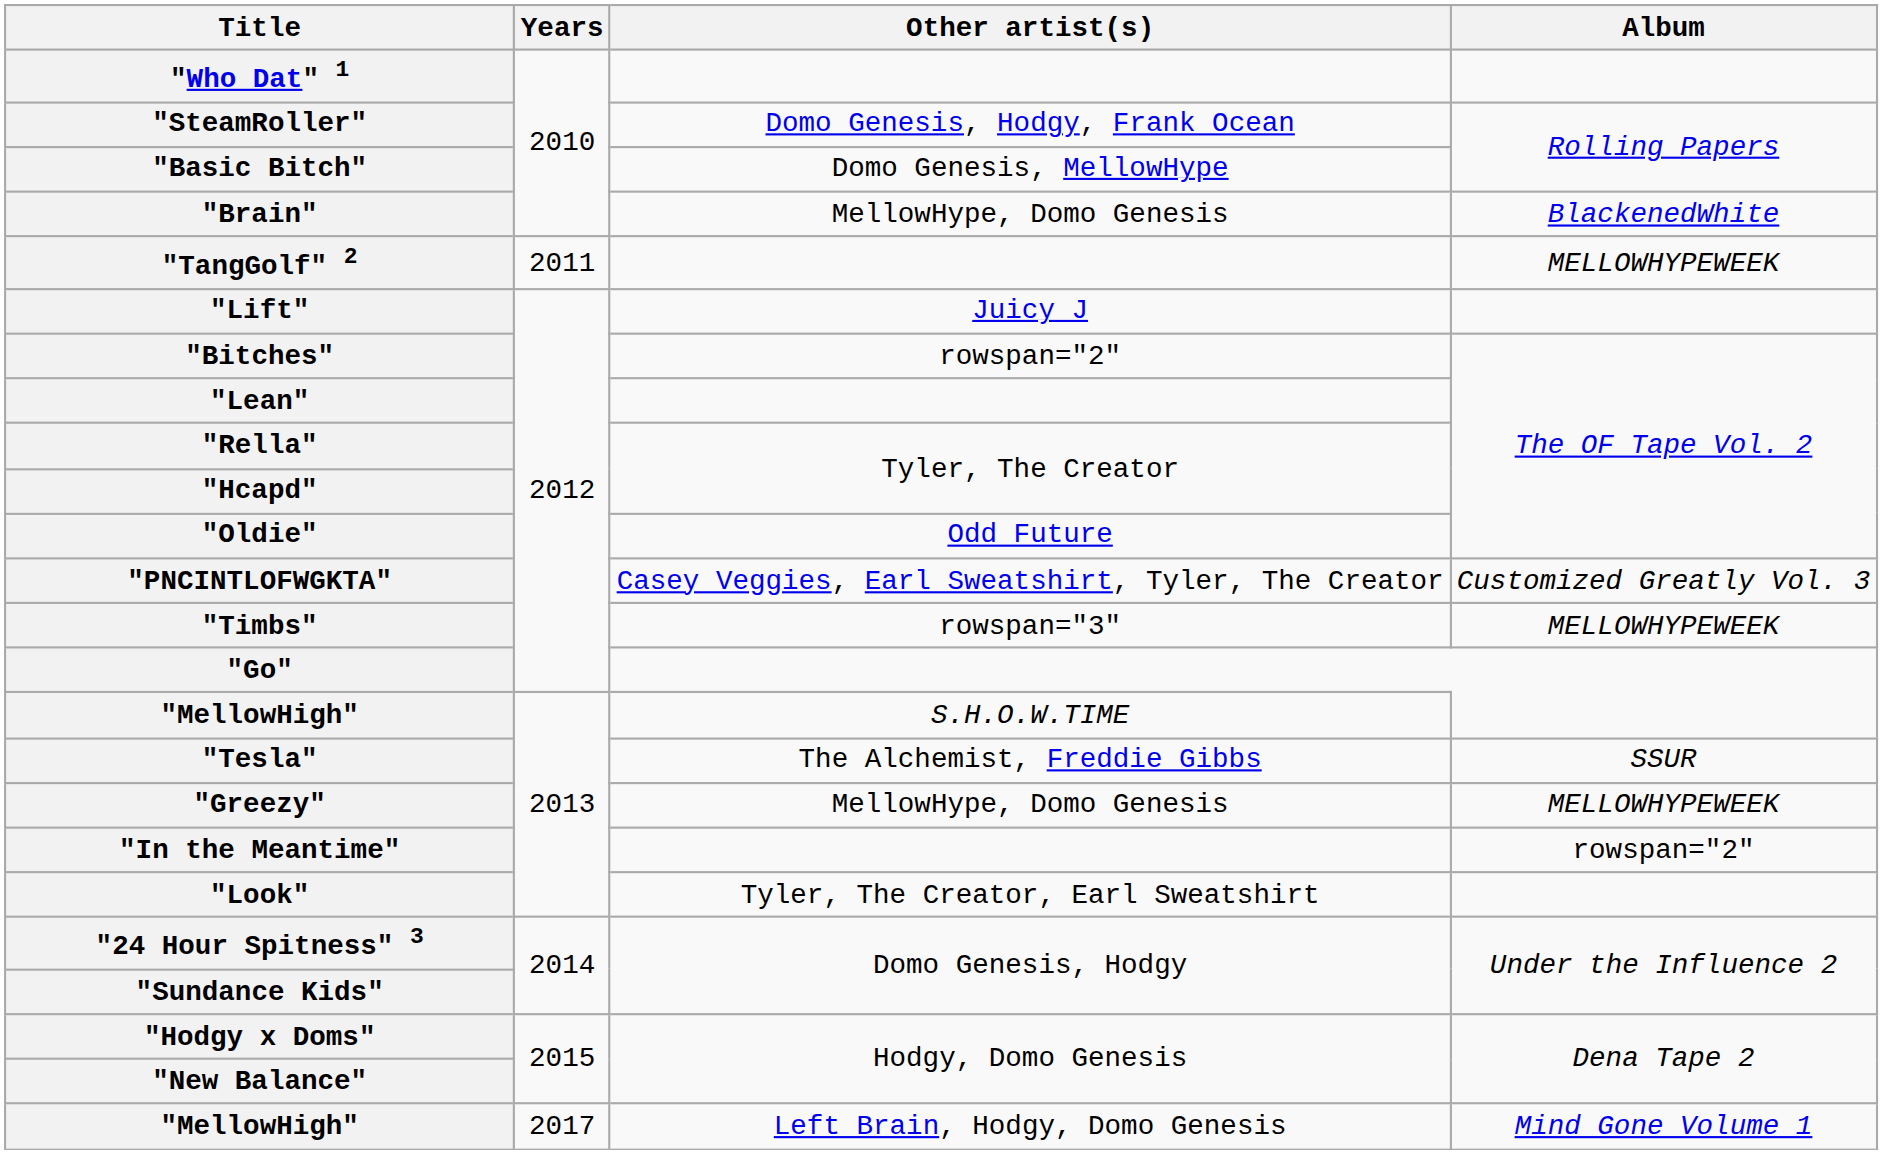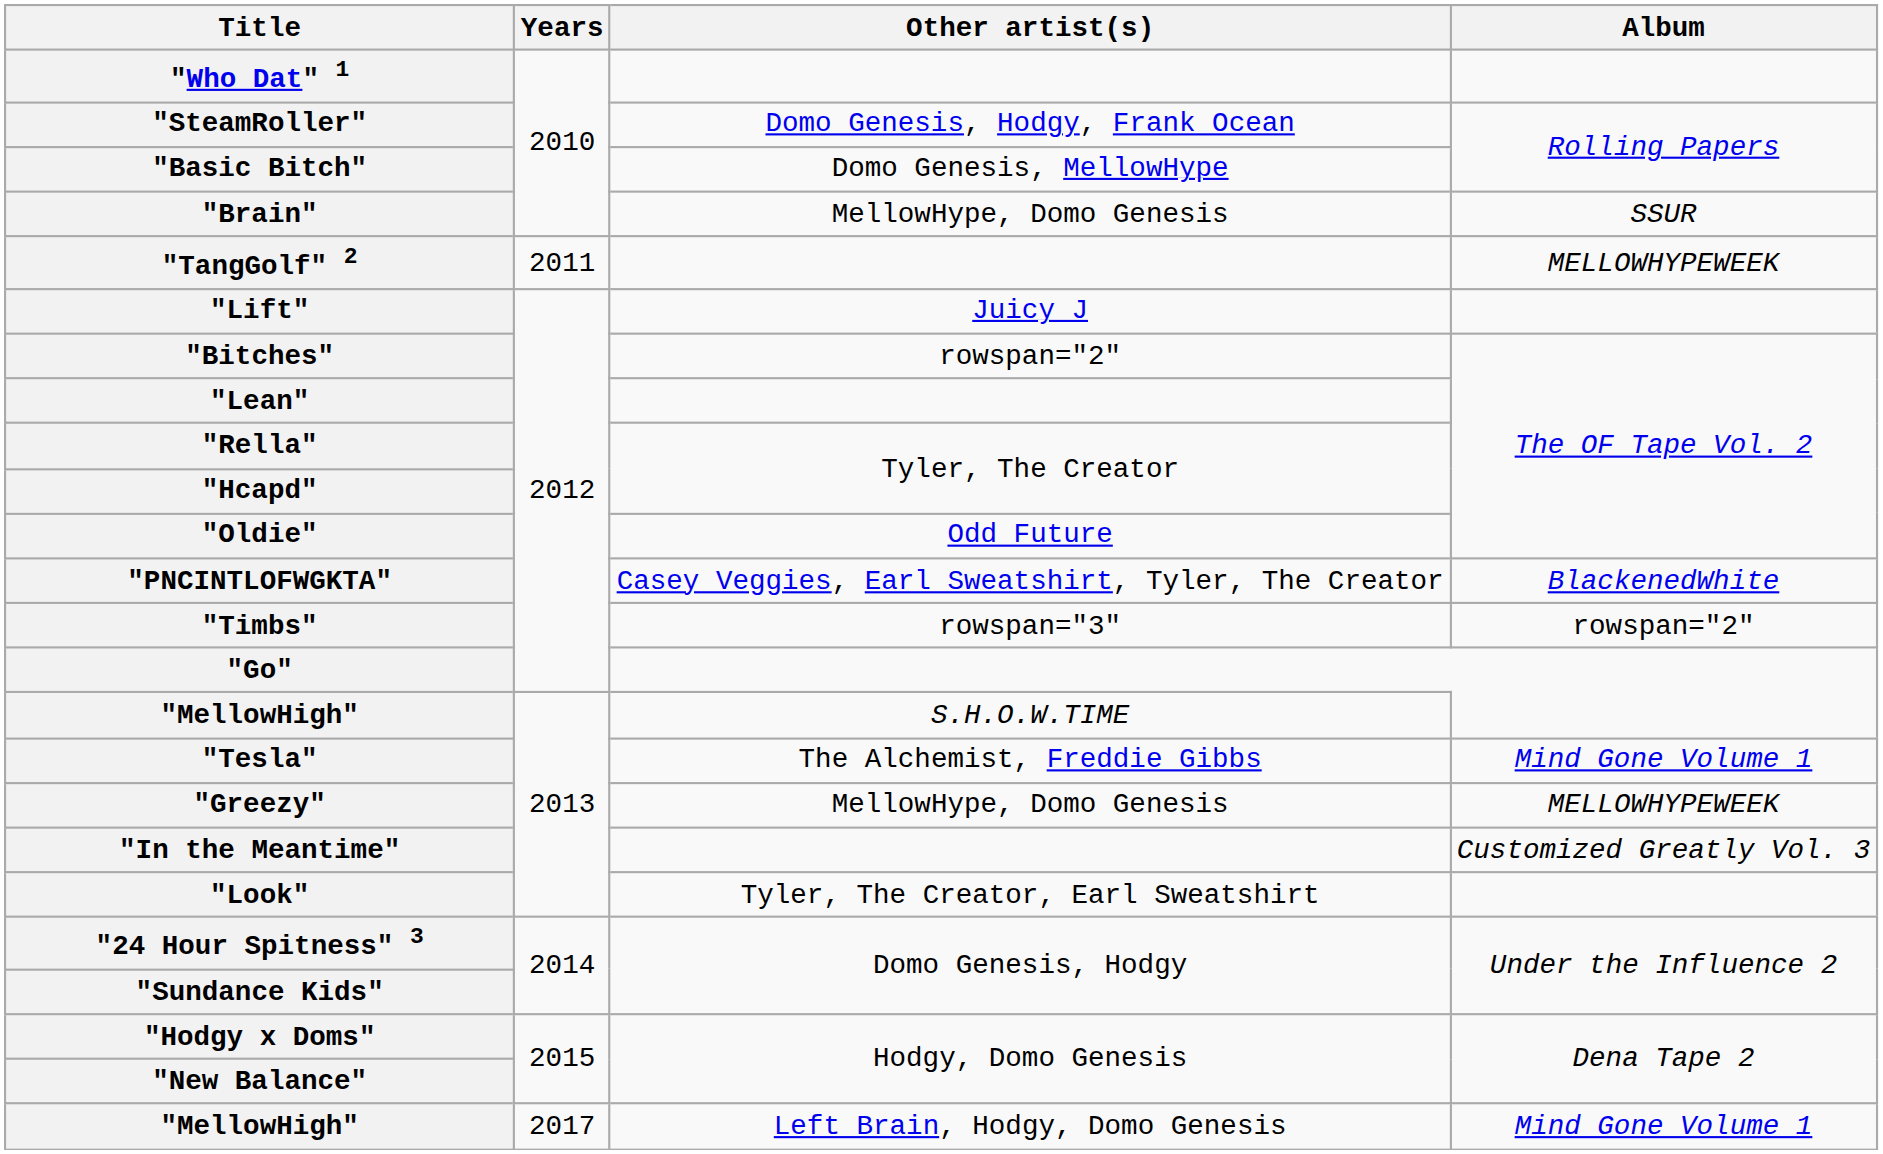 <table class="wikitable plainrowheaders" style="text-align:center;">
 <tr>
 <th scope="col" style="width:18em;">Title</th>
 <th scope="col">Years</th>
 <th scope="col">Other artist(s)</th>
 <th scope="col">Album</th>
 </tr>
 <tr>
 <th scope="row">"<a href='#'>Who Dat</a>" <sup>1</sup></th>
 <td rowspan="4">2010</td>
 <td></td>
 <td></td>
 </tr>
 <tr>
 <th scope="row">"SteamRoller" </th>
 <td><a href='#'>Domo Genesis</a>, <a href='#'>Hodgy</a>, <a href='#'>Frank Ocean</a></td>
 <td rowspan="2"><em><a href='#'>Rolling Papers</a></em></td>
 </tr>
 <tr>
 <th scope="row">"Basic Bitch"</th>
 <td>Domo Genesis, <a href='#'>MellowHype</a></td>
 </tr>
 <tr>
 <th scope="row">"Brain"</th>
 <td>MellowHype, Domo Genesis</td>
-<td><em><a href='#'>BlackenedWhite</a></em></td>
+<td><em>SSUR</em></td>
 </tr>
 <tr>
 <th scope="row">"TangGolf" <sup>2</sup></th>
 <td>2011</td>
 <td></td>
 <td><em>MELLOWHYPEWEEK</em></td>
 </tr>
 <tr>
 <th scope="row">"Lift"</th>
 <td rowspan="9">2012</td>
 <td><a href='#'>Juicy J</a></td>
 </tr>
 <tr>
 <th scope="row">"Bitches"</th>
 <td>rowspan="2" </td>
 <td rowspan="5"><em><a href='#'>The OF Tape Vol. 2</a></em></td>
 </tr>
 <tr>
 <th scope="row">"Lean"</th>
 </tr>
 <tr>
 <th scope="row">"Rella"</th>
 <td rowspan="2">Tyler, The Creator</td>
 </tr>
 <tr>
 <th scope="row">"Hcapd"</th>
 </tr>
 <tr>
 <th scope="row">"Oldie" </th>
 <td><a href='#'>Odd Future</a></td>
 </tr>
 <tr>
 <th scope="row">"PNCINTLOFWGKTA" </th>
 <td><a href='#'>Casey Veggies</a>, <a href='#'>Earl Sweatshirt</a>, Tyler, The Creator</td>
-<td><em>Customized Greatly Vol. 3</em></td>
+<td><em><a href='#'>BlackenedWhite</a></em></td>
 </tr>
 <tr>
 <th scope="row">"Timbs" </th>
 <td>rowspan="3" </td>
-<td><em>MELLOWHYPEWEEK</em></td>
+<td>rowspan="2" </td>
 </tr>
 <tr>
 <th scope="row">"Go" </th>
 </tr>
 <tr>
 <th scope="row">"MellowHigh" </th>
 <td rowspan="5">2013</td>
 <td><em>S.H.O.W.TIME</em></td>
 </tr>
 <tr>
 <th scope="row">"Tesla" </th>
 <td>The Alchemist, <a href='#'>Freddie Gibbs</a></td>
-<td><em>SSUR</em></td>
+<td><em><a href='#'>Mind Gone Volume 1</a></em></td>
 </tr>
 <tr>
 <th scope="row">"Greezy"</th>
 <td>MellowHype, Domo Genesis</td>
 <td><em>MELLOWHYPEWEEK</em></td>
 </tr>
 <tr>
 <th scope="row">"In the Meantime" </th>
 <td></td>
-<td>rowspan="2" </td>
+<td><em>Customized Greatly Vol. 3</em></td>
 </tr>
 <tr>
 <th scope="row">"Look" </th>
 <td>Tyler, The Creator, Earl Sweatshirt</td>
 </tr>
 <tr>
 <th scope="row">"24 Hour Spitness" <sup>3</sup></th>
 <td rowspan="2">2014</td>
 <td rowspan="2">Domo Genesis, Hodgy</td>
 <td rowspan="2"><em>Under the Influence 2</em></td>
 </tr>
 <tr>
 <th scope="row">"Sundance Kids"</th>
 </tr>
 <tr>
 <th scope="row">"Hodgy x Doms" </th>
 <td rowspan="2">2015</td>
 <td rowspan="2">Hodgy, Domo Genesis</td>
 <td rowspan="2"><em>Dena Tape 2</em></td>
 </tr>
 <tr>
 <th scope="row">"New Balance" </th>
 </tr>
 <tr>
 <th scope="row">"MellowHigh"</th>
 <td rowspan="1">2017</td>
 <td><a href='#'>Left Brain</a>, Hodgy, Domo Genesis</td>
 <td><em><a href='#'>Mind Gone Volume 1</a></em></td>
 </tr>
 <tr>
 </tr>
 </table>
